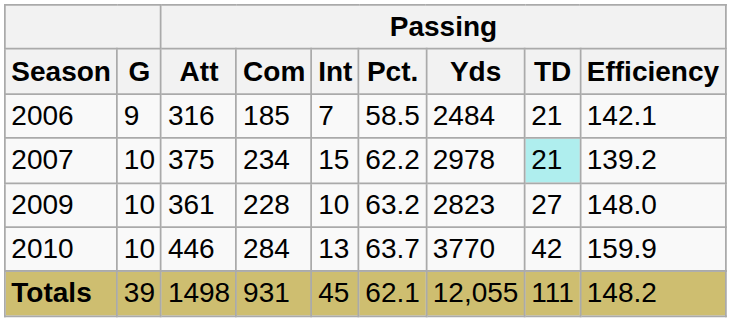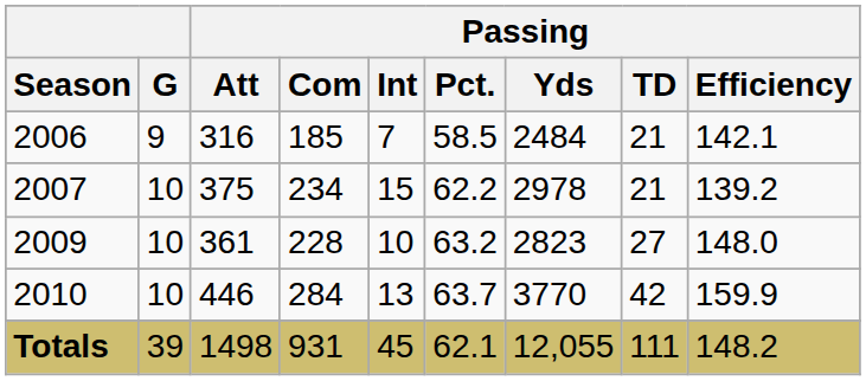 <table class="wikitable">
 <tr>
 <th colspan="2"></th>
 <th colspan="7">Passing</th>
 </tr>
 <tr>
 <th>Season</th>
 <th>G</th>
 <th>Att</th>
 <th>Com</th>
 <th>Int</th>
 <th>Pct.</th>
 <th>Yds</th>
 <th>TD</th>
 <th>Efficiency</th>
 </tr>
 <tr>
 <td>2006</td>
 <td>9</td>
 <td>316</td>
 <td>185</td>
 <td>7</td>
 <td>58.5</td>
 <td>2484</td>
 <td>21</td>
 <td>142.1</td>
 </tr>
 <tr>
 <td>2007</td>
 <td>10</td>
 <td>375</td>
 <td>234</td>
 <td>15</td>
 <td>62.2</td>
 <td>2978</td>
-<td style="background: paleturquoise;">21</td>
+<td>21</td>
 <td>139.2</td>
 </tr>
 <tr>
 <td>2009</td>
 <td>10</td>
 <td>361</td>
 <td>228</td>
 <td>10</td>
 <td>63.2</td>
 <td>2823</td>
 <td>27</td>
 <td>148.0</td>
 </tr>
 <tr>
 <td>2010</td>
 <td>10</td>
 <td>446</td>
 <td>284</td>
 <td>13</td>
 <td>63.7</td>
 <td>3770</td>
 <td>42</td>
 <td>159.9</td>
 </tr>
 <tr>
 </tr>
 <tr style="background: #CEBE70;">
 <td><strong>Totals</strong></td>
 <td>39</td>
 <td>1498</td>
 <td>931</td>
 <td>45</td>
 <td>62.1</td>
 <td>12,055</td>
 <td>111</td>
 <td>148.2</td>
 </tr>
 </table>
